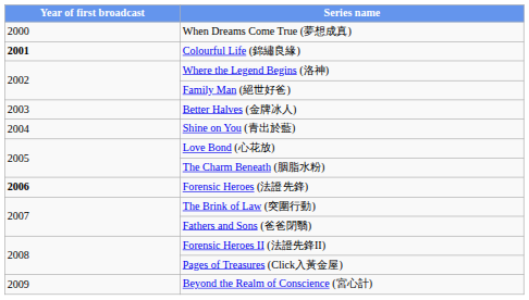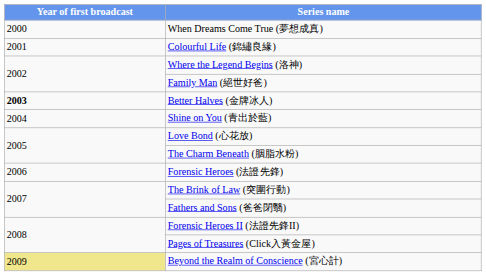 <table class="wikitable" width="60%">
 <tr style="background:cornflowerblue; color:white" align=center>
 <td style="width:7%"><strong>Year of first broadcast</strong></td>
 <td style="width:15%"><strong>Series name</strong></td>
 </tr>
 <tr>
 <td>2000</td>
 <td>When Dreams Come True (夢想成真)</td>
 </tr>
 <tr>
-<td><strong>2001</strong></td>
+<td>2001</td>
 <td><a href='#'>Colourful Life</a> (錦繡良緣)</td>
 </tr>
 <tr>
 <td rowspan="2">2002</td>
 <td><a href='#'>Where the Legend Begins</a> (洛神)</td>
 </tr>
 <tr>
 <td><a href='#'>Family Man</a> (絕世好爸)</td>
 </tr>
 <tr>
-<td>2003</td>
+<td><strong>2003</strong></td>
 <td><a href='#'>Better Halves</a> (金牌冰人)</td>
 </tr>
 <tr>
 <td>2004</td>
 <td><a href='#'>Shine on You</a> (青出於藍)</td>
 </tr>
 <tr>
 <td rowspan="2">2005</td>
 <td><a href='#'>Love Bond</a> (心花放)</td>
 </tr>
 <tr>
 <td><a href='#'>The Charm Beneath</a> (胭脂水粉)</td>
 </tr>
 <tr>
-<td><strong>2006</strong></td>
+<td>2006</td>
 <td><a href='#'>Forensic Heroes</a> (法證先鋒)</td>
 </tr>
 <tr>
 <td rowspan="2">2007</td>
 <td><a href='#'>The Brink of Law</a> (突圍行動)</td>
 </tr>
 <tr>
 <td><a href='#'>Fathers and Sons</a> (爸爸閉翳)</td>
 </tr>
 <tr>
 <td rowspan="2">2008</td>
 <td><a href='#'>Forensic Heroes II</a> (法證先鋒II)</td>
 </tr>
 <tr>
 <td><a href='#'>Pages of Treasures</a> (Click入黃金屋)</td>
 </tr>
 <tr>
-<td>2009</td>
+<td style="background: khaki;">2009</td>
 <td><a href='#'>Beyond the Realm of Conscience</a> (宮心計)</td>
 </tr>
 </table>
